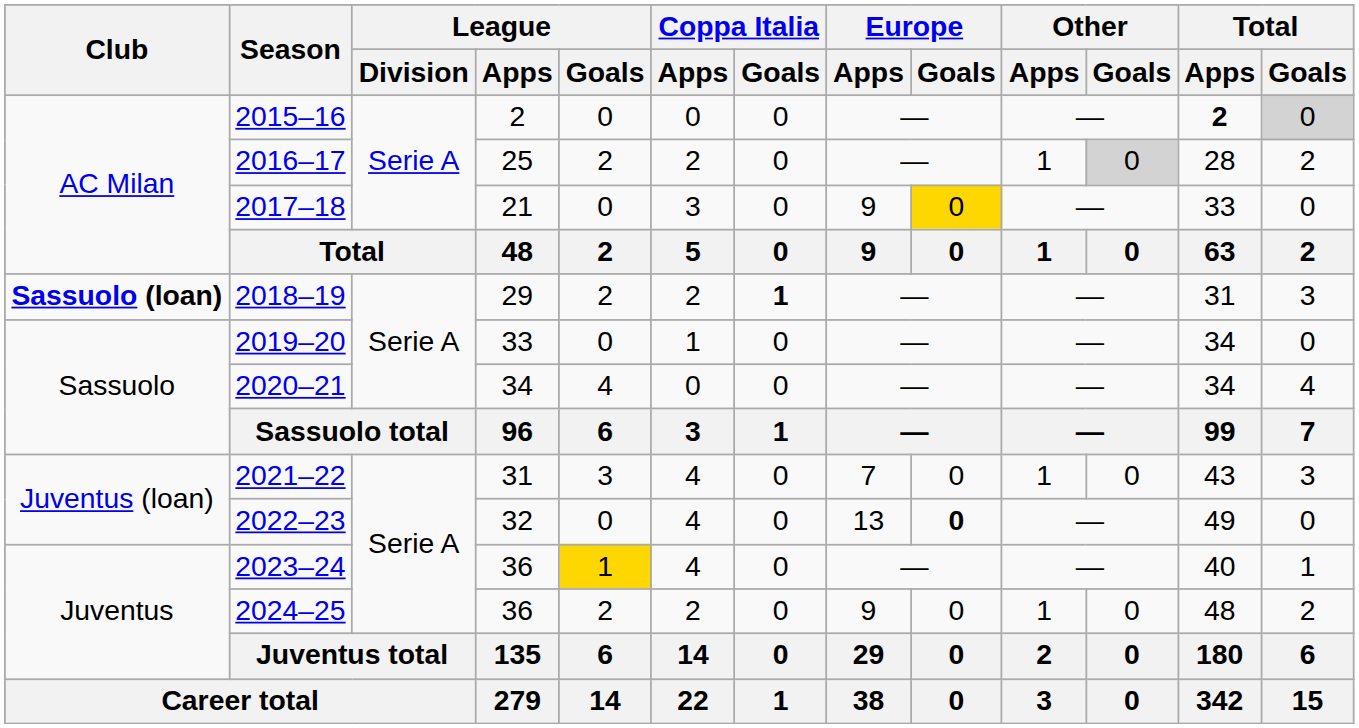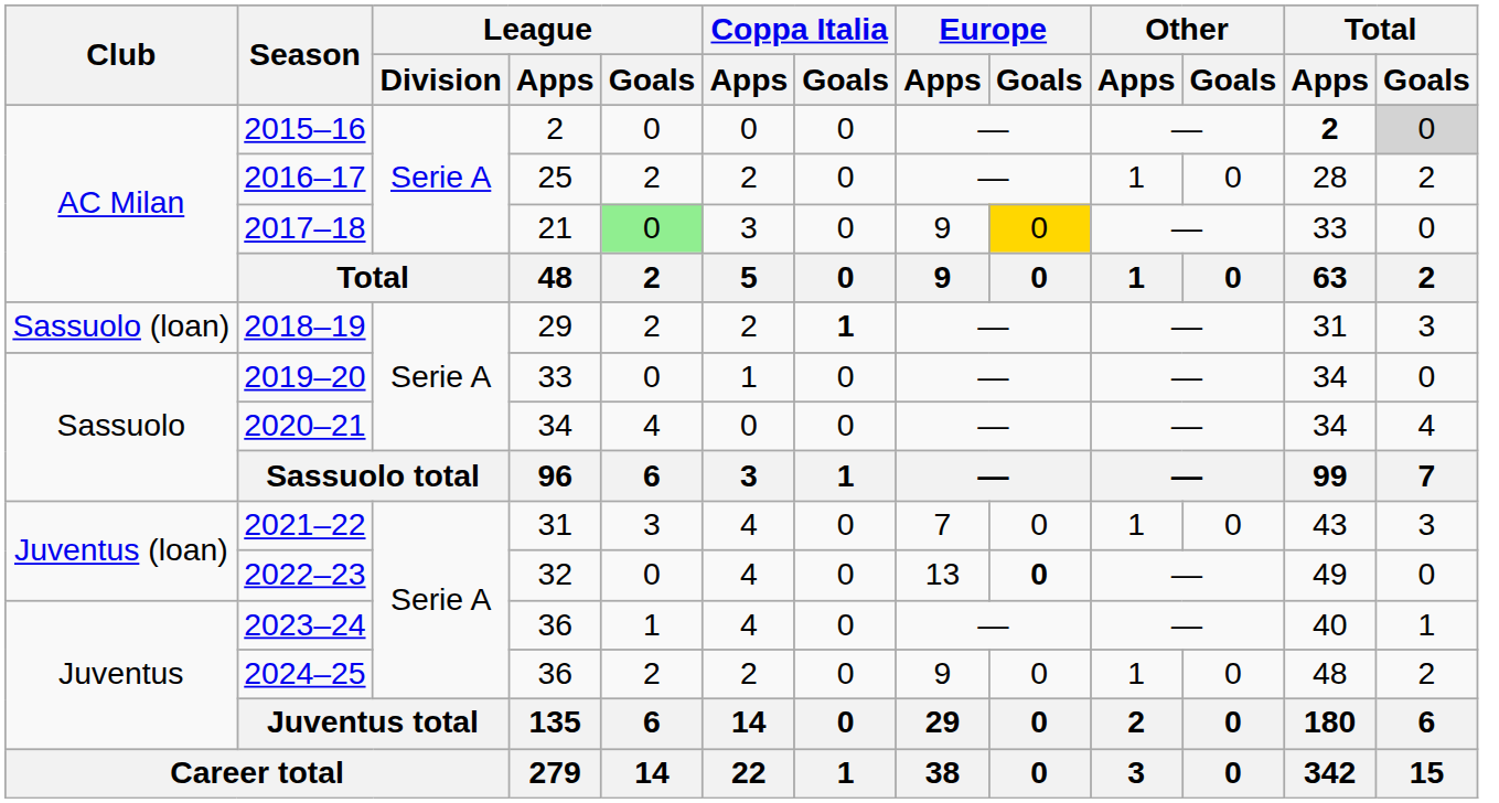 <table class="wikitable" style="text-align:center">
 <tr>
 <th rowspan="2">Club</th>
 <th rowspan="2">Season</th>
 <th colspan="3">League</th>
 <th colspan="2"><a href='#'>Coppa Italia</a></th>
 <th colspan="2"><a href='#'>Europe</a></th>
 <th colspan="2">Other</th>
 <th colspan="2">Total</th>
 </tr>
 <tr>
 <th>Division</th>
 <th>Apps</th>
 <th>Goals</th>
 <th>Apps</th>
 <th>Goals</th>
 <th>Apps</th>
 <th>Goals</th>
 <th>Apps</th>
 <th>Goals</th>
 <th>Apps</th>
 <th>Goals</th>
 </tr>
 <tr>
 <td rowspan="4"><a href='#'>AC Milan</a></td>
 <td><a href='#'>2015–16</a></td>
 <td rowspan="3"><a href='#'>Serie A</a></td>
 <td>2</td>
 <td>0</td>
 <td>0</td>
 <td>0</td>
 <td colspan="2">—</td>
 <td colspan="2">—</td>
 <td><strong>2</strong></td>
 <td style="background: lightgrey;">0</td>
 </tr>
 <tr>
 <td><a href='#'>2016–17</a></td>
 <td>25</td>
 <td>2</td>
 <td>2</td>
 <td>0</td>
 <td colspan="2">—</td>
 <td>1</td>
-<td style="background: lightgrey;">0</td>
+<td>0</td>
 <td>28</td>
 <td>2</td>
 </tr>
 <tr>
 <td><a href='#'>2017–18</a></td>
 <td>21</td>
-<td>0</td>
+<td style="background: lightgreen;">0</td>
 <td>3</td>
 <td>0</td>
 <td>9</td>
 <td style="background: gold;">0</td>
 <td colspan="2">—</td>
 <td>33</td>
 <td>0</td>
 </tr>
 <tr>
 <th colspan="2">Total</th>
 <th>48</th>
 <th>2</th>
 <th>5</th>
 <th>0</th>
 <th>9</th>
 <th>0</th>
 <th>1</th>
 <th>0</th>
 <th>63</th>
 <th>2</th>
 </tr>
 <tr>
-<td><strong><a href='#'>Sassuolo</a> (loan)</strong></td>
+<td><a href='#'>Sassuolo</a> (loan)</td>
 <td><a href='#'>2018–19</a></td>
 <td rowspan="3">Serie A</td>
 <td>29</td>
 <td>2</td>
 <td>2</td>
 <td><strong>1</strong></td>
 <td colspan="2">—</td>
 <td colspan="2">—</td>
 <td>31</td>
 <td>3</td>
 </tr>
 <tr>
 <td rowspan="3">Sassuolo</td>
 <td><a href='#'>2019–20</a></td>
 <td>33</td>
 <td>0</td>
 <td>1</td>
 <td>0</td>
 <td colspan="2">—</td>
 <td colspan="2">—</td>
 <td>34</td>
 <td>0</td>
 </tr>
 <tr>
 <td><a href='#'>2020–21</a></td>
 <td>34</td>
 <td>4</td>
 <td>0</td>
 <td>0</td>
 <td colspan="2">—</td>
 <td colspan="2">—</td>
 <td>34</td>
 <td>4</td>
 </tr>
 <tr>
 <th colspan="2">Sassuolo total</th>
 <th>96</th>
 <th>6</th>
 <th>3</th>
 <th>1</th>
 <th colspan="2">—</th>
 <th colspan="2">—</th>
 <th>99</th>
 <th>7</th>
 </tr>
 <tr>
 <td rowspan="2"><a href='#'>Juventus</a> (loan)</td>
 <td><a href='#'>2021–22</a></td>
 <td rowspan="4">Serie A</td>
 <td>31</td>
 <td>3</td>
 <td>4</td>
 <td>0</td>
 <td>7</td>
 <td>0</td>
 <td>1</td>
 <td>0</td>
 <td>43</td>
 <td>3</td>
 </tr>
 <tr>
 <td><a href='#'>2022–23</a></td>
 <td>32</td>
 <td>0</td>
 <td>4</td>
 <td>0</td>
 <td>13</td>
 <td><strong>0</strong></td>
 <td colspan="2">—</td>
 <td>49</td>
 <td>0</td>
 </tr>
 <tr>
 <td rowspan="3">Juventus</td>
 <td><a href='#'>2023–24</a></td>
 <td>36</td>
-<td style="background: gold;">1</td>
+<td>1</td>
 <td>4</td>
 <td>0</td>
 <td colspan="2">—</td>
 <td colspan="2">—</td>
 <td>40</td>
 <td>1</td>
 </tr>
 <tr>
 <td><a href='#'>2024–25</a></td>
 <td>36</td>
 <td>2</td>
 <td>2</td>
 <td>0</td>
 <td>9</td>
 <td>0</td>
 <td>1</td>
 <td>0</td>
 <td>48</td>
 <td>2</td>
 </tr>
 <tr>
 <th colspan="2">Juventus total</th>
 <th>135</th>
 <th>6</th>
 <th>14</th>
 <th>0</th>
 <th>29</th>
 <th>0</th>
 <th>2</th>
 <th>0</th>
 <th>180</th>
 <th>6</th>
 </tr>
 <tr>
 <th colspan="3">Career total</th>
 <th>279</th>
 <th>14</th>
 <th>22</th>
 <th>1</th>
 <th>38</th>
 <th>0</th>
 <th>3</th>
 <th>0</th>
 <th>342</th>
 <th>15</th>
 </tr>
 </table>
